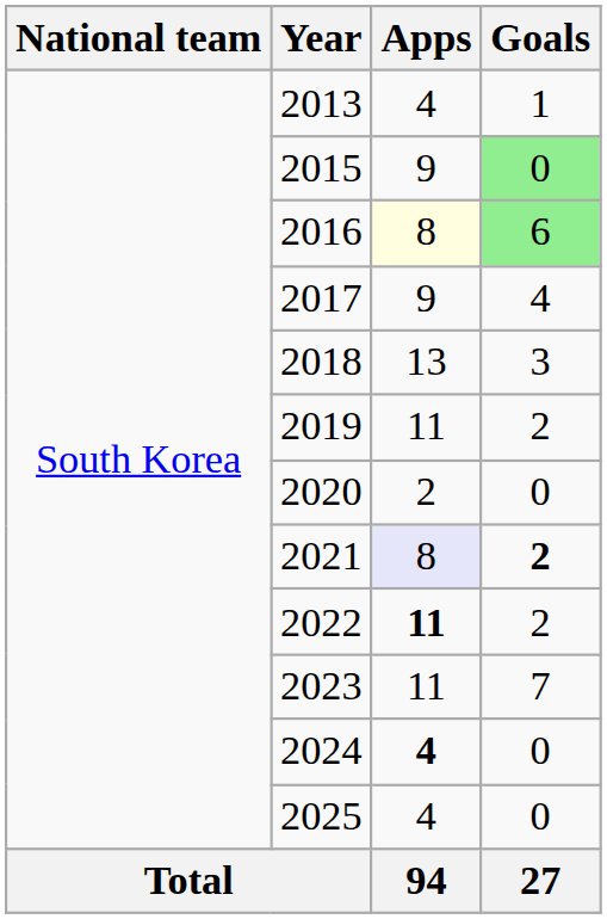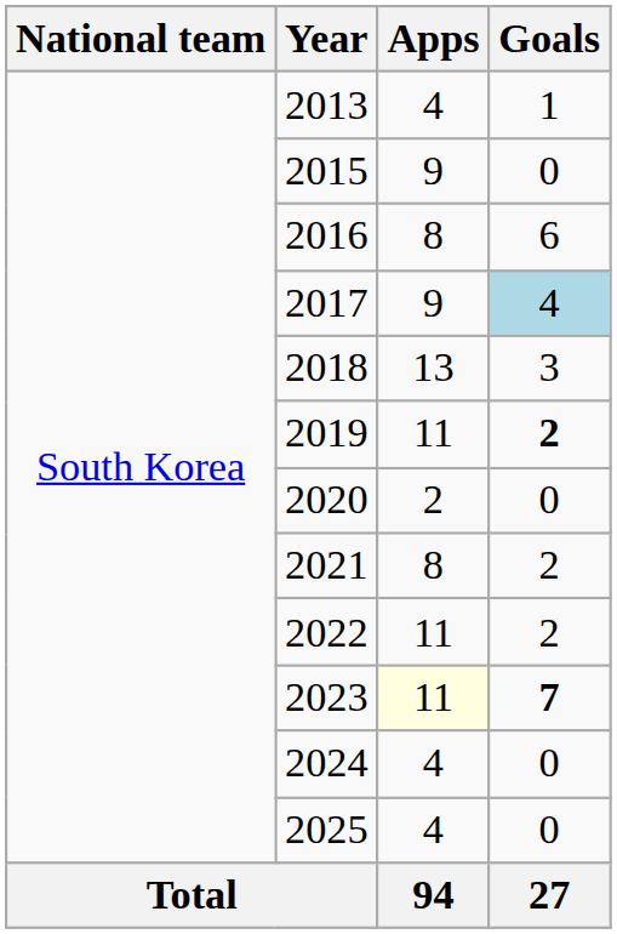 <table class="wikitable" style="text-align:center">
 <tr>
 <th>National team</th>
 <th>Year</th>
 <th>Apps</th>
 <th>Goals</th>
 </tr>
 <tr>
 <td rowspan="12"><a href='#'>South Korea</a></td>
 <td>2013</td>
 <td>4</td>
 <td>1</td>
 </tr>
 <tr>
 <td>2015</td>
 <td>9</td>
-<td style="background: lightgreen;">0</td>
+<td>0</td>
 </tr>
 <tr>
 <td>2016</td>
-<td style="background: lightyellow;">8</td>
-<td style="background: lightgreen;">6</td>
+<td>8</td>
+<td>6</td>
 </tr>
 <tr>
 <td>2017</td>
 <td>9</td>
-<td>4</td>
+<td style="background: lightblue;">4</td>
 </tr>
 <tr>
 <td>2018</td>
 <td>13</td>
 <td>3</td>
 </tr>
 <tr>
 <td>2019</td>
 <td>11</td>
-<td>2</td>
+<td><strong>2</strong></td>
 </tr>
 <tr>
 <td>2020</td>
 <td>2</td>
 <td>0</td>
 </tr>
 <tr>
 <td>2021</td>
-<td style="background: lavender;">8</td>
-<td><strong>2</strong></td>
+<td>8</td>
+<td>2</td>
 </tr>
 <tr>
 <td>2022</td>
-<td><strong>11</strong></td>
+<td>11</td>
 <td>2</td>
 </tr>
 <tr>
 <td>2023</td>
-<td>11</td>
-<td>7</td>
+<td style="background: lightyellow;">11</td>
+<td><strong>7</strong></td>
 </tr>
 <tr>
 <td>2024</td>
-<td><strong>4</strong></td>
+<td>4</td>
 <td>0</td>
 </tr>
 <tr>
 <td>2025</td>
 <td>4</td>
 <td>0</td>
 </tr>
 <tr>
 <th colspan="2">Total</th>
 <th>94</th>
 <th>27</th>
 </tr>
 </table>
